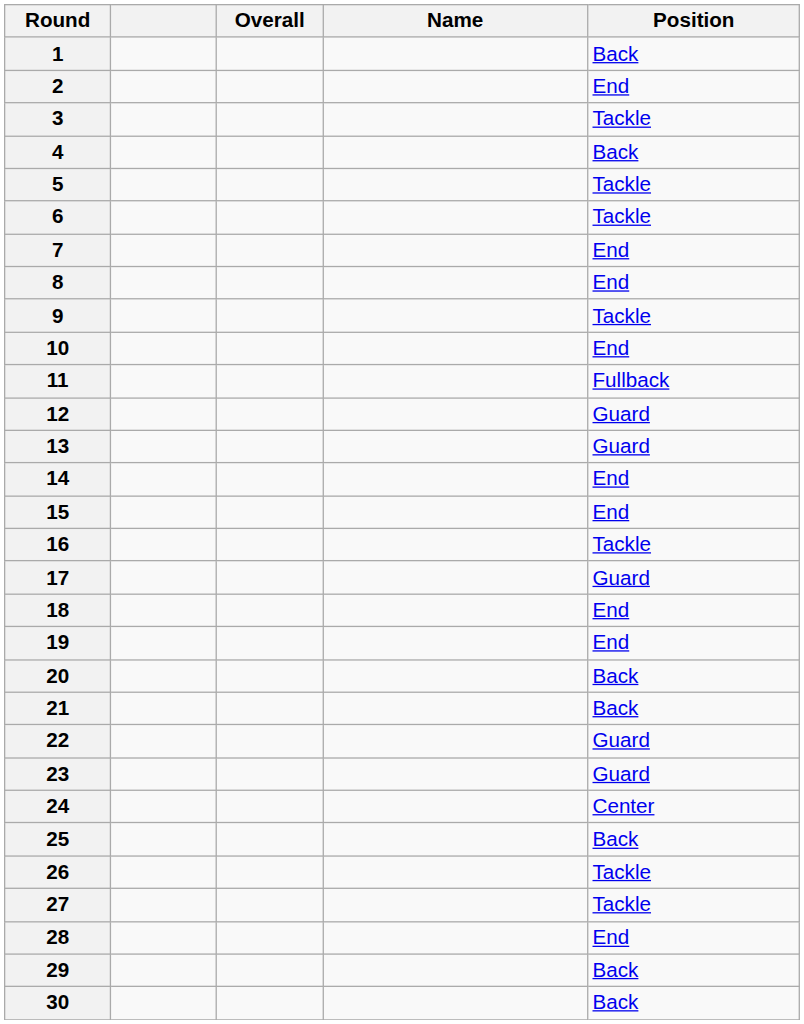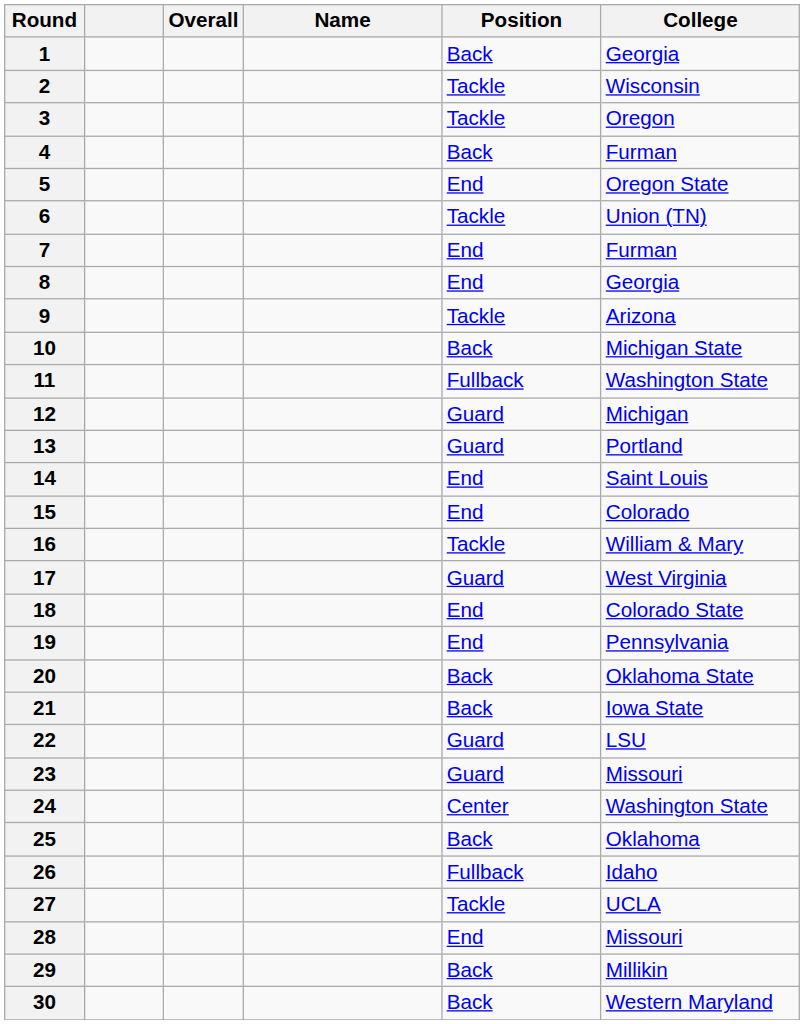 <table class="wikitable sortable">
 <tr>
 <th scope="col" style="width: 10%;">Round</th>
 <th scope="col" style="width: 10%;"></th>
 <th scope="col" style="width: 10%;">Overall</th>
 <th scope="col" style="width: 25%;">Name</th>
 <th scope="col" style="width: 20%;">Position</th>
+<th scope="col" style="width: 25%;">College</th>
 </tr>
 <tr>
 <th scope="row">1</th>
 <td></td>
 <td></td>
 <td></td>
 <td><a href='#'>Back</a></td>
+<td><a href='#'>Georgia</a></td>
 </tr>
 <tr>
 <th scope="row">2</th>
 <td></td>
 <td></td>
 <td></td>
-<td><a href='#'>End</a></td>
+<td><a href='#'>Tackle</a></td>
+<td><a href='#'>Wisconsin</a></td>
 </tr>
 <tr>
 <th scope="row">3</th>
 <td></td>
 <td></td>
 <td></td>
 <td><a href='#'>Tackle</a></td>
+<td><a href='#'>Oregon</a></td>
 </tr>
 <tr>
 <th scope="row">4</th>
 <td></td>
 <td></td>
 <td></td>
 <td><a href='#'>Back</a></td>
+<td><a href='#'>Furman</a></td>
 </tr>
 <tr>
 <th scope="row">5</th>
 <td></td>
 <td></td>
 <td></td>
-<td><a href='#'>Tackle</a></td>
+<td><a href='#'>End</a></td>
+<td><a href='#'>Oregon State</a></td>
 </tr>
 <tr>
 <th scope="row">6</th>
 <td></td>
 <td></td>
 <td></td>
 <td><a href='#'>Tackle</a></td>
+<td><a href='#'>Union (TN)</a></td>
 </tr>
 <tr>
 <th scope="row">7</th>
 <td></td>
 <td></td>
 <td></td>
 <td><a href='#'>End</a></td>
+<td><a href='#'>Furman</a></td>
 </tr>
 <tr>
 <th scope="row">8</th>
 <td></td>
 <td></td>
 <td></td>
 <td><a href='#'>End</a></td>
+<td><a href='#'>Georgia</a></td>
 </tr>
 <tr>
 <th scope="row">9</th>
 <td></td>
 <td></td>
 <td></td>
 <td><a href='#'>Tackle</a></td>
+<td><a href='#'>Arizona</a></td>
 </tr>
 <tr>
 <th scope="row">10</th>
 <td></td>
 <td></td>
 <td></td>
-<td><a href='#'>End</a></td>
+<td><a href='#'>Back</a></td>
+<td><a href='#'>Michigan State</a></td>
 </tr>
 <tr>
 <th scope="row">11</th>
 <td></td>
 <td></td>
 <td></td>
 <td><a href='#'>Fullback</a></td>
+<td><a href='#'>Washington State</a></td>
 </tr>
 <tr>
 <th scope="row">12</th>
 <td></td>
 <td></td>
 <td></td>
 <td><a href='#'>Guard</a></td>
+<td><a href='#'>Michigan</a></td>
 </tr>
 <tr>
 <th scope="row">13</th>
 <td></td>
 <td></td>
 <td></td>
 <td><a href='#'>Guard</a></td>
+<td><a href='#'>Portland</a></td>
 </tr>
 <tr>
 <th scope="row">14</th>
 <td></td>
 <td></td>
 <td></td>
 <td><a href='#'>End</a></td>
+<td><a href='#'>Saint Louis</a></td>
 </tr>
 <tr>
 <th scope="row">15</th>
 <td></td>
 <td></td>
 <td></td>
 <td><a href='#'>End</a></td>
+<td><a href='#'>Colorado</a></td>
 </tr>
 <tr>
 <th scope="row">16</th>
 <td></td>
 <td></td>
 <td></td>
 <td><a href='#'>Tackle</a></td>
+<td><a href='#'>William & Mary</a></td>
 </tr>
 <tr>
 <th scope="row">17</th>
 <td></td>
 <td></td>
 <td></td>
 <td><a href='#'>Guard</a></td>
+<td><a href='#'>West Virginia</a></td>
 </tr>
 <tr>
 <th scope="row">18</th>
 <td></td>
 <td></td>
 <td></td>
 <td><a href='#'>End</a></td>
+<td><a href='#'>Colorado State</a></td>
 </tr>
 <tr>
 <th scope="row">19</th>
 <td></td>
 <td></td>
 <td></td>
 <td><a href='#'>End</a></td>
+<td><a href='#'>Pennsylvania</a></td>
 </tr>
 <tr>
 <th scope="row">20</th>
 <td></td>
 <td></td>
 <td></td>
 <td><a href='#'>Back</a></td>
+<td><a href='#'>Oklahoma State</a></td>
 </tr>
 <tr>
 <th scope="row">21</th>
 <td></td>
 <td></td>
 <td></td>
 <td><a href='#'>Back</a></td>
+<td><a href='#'>Iowa State</a></td>
 </tr>
 <tr>
 <th scope="row">22</th>
 <td></td>
 <td></td>
 <td></td>
 <td><a href='#'>Guard</a></td>
+<td><a href='#'>LSU</a></td>
 </tr>
 <tr>
 <th scope="row">23</th>
 <td></td>
 <td></td>
 <td></td>
 <td><a href='#'>Guard</a></td>
+<td><a href='#'>Missouri</a></td>
 </tr>
 <tr>
 <th scope="row">24</th>
 <td></td>
 <td></td>
 <td></td>
 <td><a href='#'>Center</a></td>
+<td><a href='#'>Washington State</a></td>
 </tr>
 <tr>
 <th scope="row">25</th>
 <td></td>
 <td></td>
 <td></td>
 <td><a href='#'>Back</a></td>
+<td><a href='#'>Oklahoma</a></td>
 </tr>
 <tr>
 <th scope="row">26</th>
 <td></td>
 <td></td>
 <td></td>
-<td><a href='#'>Tackle</a></td>
+<td><a href='#'>Fullback</a></td>
+<td><a href='#'>Idaho</a></td>
 </tr>
 <tr>
 <th scope="row">27</th>
 <td></td>
 <td></td>
 <td></td>
 <td><a href='#'>Tackle</a></td>
+<td><a href='#'>UCLA</a></td>
 </tr>
 <tr>
 <th scope="row">28</th>
 <td></td>
 <td></td>
 <td></td>
 <td><a href='#'>End</a></td>
+<td><a href='#'>Missouri</a></td>
 </tr>
 <tr>
 <th scope="row">29</th>
 <td></td>
 <td></td>
 <td></td>
 <td><a href='#'>Back</a></td>
+<td><a href='#'>Millikin</a></td>
 </tr>
 <tr>
 <th scope="row">30</th>
 <td></td>
 <td></td>
 <td></td>
 <td><a href='#'>Back</a></td>
+<td><a href='#'>Western Maryland</a></td>
 </tr>
 </table>
